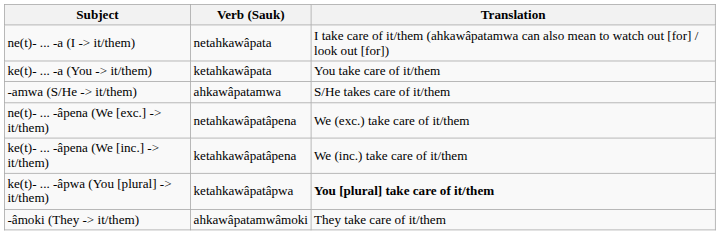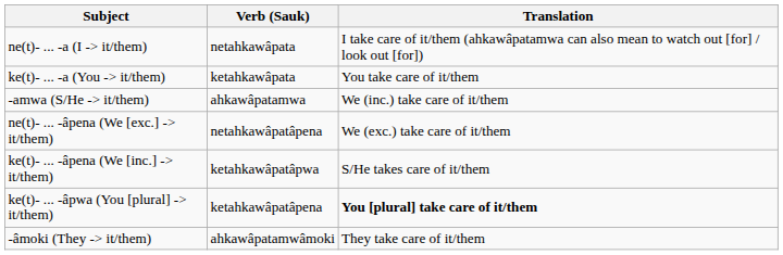 <table class="wikitable">
 <tr>
 <th>Subject</th>
 <th>Verb (Sauk)</th>
 <th>Translation</th>
 </tr>
 <tr>
 <td>ne(t)- ... -a (I -> it/them)</td>
 <td>netahkawâpata</td>
 <td>I take care of it/them (ahkawâpatamwa can also mean to watch out [for] / look out [for])</td>
 </tr>
 <tr>
 <td>ke(t)- ... -a (You -> it/them)</td>
 <td>ketahkawâpata</td>
 <td>You take care of it/them</td>
 </tr>
 <tr>
 <td>-amwa (S/He -> it/them)</td>
 <td>ahkawâpatamwa</td>
-<td>S/He takes care of it/them</td>
+<td>We (inc.) take care of it/them</td>
 </tr>
 <tr>
 <td>ne(t)- ... -âpena (We [exc.] -> it/them)</td>
 <td>netahkawâpatâpena</td>
 <td>We (exc.) take care of it/them</td>
 </tr>
 <tr>
 <td>ke(t)- ... -âpena (We [inc.] -> it/them)</td>
-<td>ketahkawâpatâpena</td>
-<td>We (inc.) take care of it/them</td>
+<td>ketahkawâpatâpwa</td>
+<td>S/He takes care of it/them</td>
 </tr>
 <tr>
 <td>ke(t)- ... -âpwa (You [plural] -> it/them)</td>
-<td>ketahkawâpatâpwa</td>
+<td>ketahkawâpatâpena</td>
 <td><strong>You [plural] take care of it/them</strong></td>
 </tr>
 <tr>
 <td>-âmoki (They -> it/them)</td>
 <td>ahkawâpatamwâmoki</td>
 <td>They take care of it/them</td>
 </tr>
 </table>
